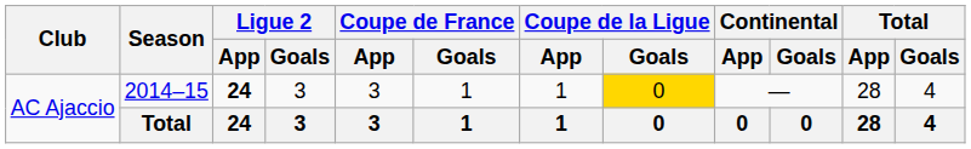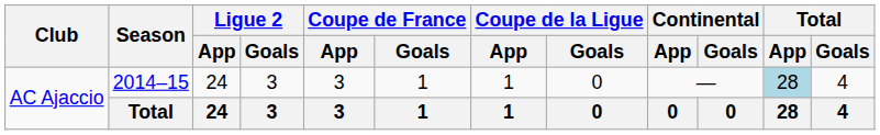 <table class="wikitable" style="text-align: center">
 <tr>
 <th rowspan=2>Club</th>
 <th rowspan=2>Season</th>
 <th colspan=2><a href='#'>Ligue 2</a></th>
 <th colspan=2><a href='#'>Coupe de France</a></th>
 <th colspan=2><a href='#'>Coupe de la Ligue</a></th>
 <th colspan=2>Continental</th>
 <th colspan=2>Total</th>
 </tr>
 <tr>
 <th>App</th>
 <th>Goals</th>
 <th>App</th>
 <th>Goals</th>
 <th>App</th>
 <th>Goals</th>
 <th>App</th>
 <th>Goals</th>
 <th>App</th>
 <th>Goals</th>
 </tr>
 <tr>
 <td rowspan=2><a href='#'>AC Ajaccio</a></td>
 <td><a href='#'>2014–15</a></td>
-<td><strong>24</strong></td>
+<td>24</td>
 <td>3</td>
 <td>3</td>
 <td>1</td>
 <td>1</td>
-<td style="background: gold;">0</td>
+<td>0</td>
 <td colspan=2>—</td>
-<td>28</td>
+<td style="background: lightblue;">28</td>
 <td>4</td>
 </tr>
 <tr>
 <th colspan=1>Total</th>
 <th>24</th>
 <th>3</th>
 <th>3</th>
 <th>1</th>
 <th>1</th>
 <th>0</th>
 <th>0</th>
 <th>0</th>
 <th>28</th>
 <th>4</th>
 </tr>
 </table>
